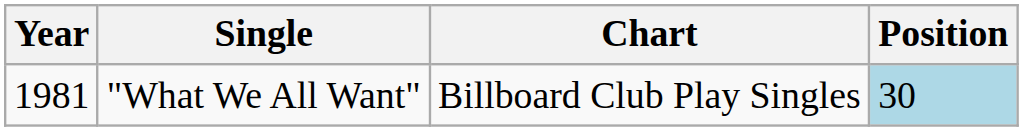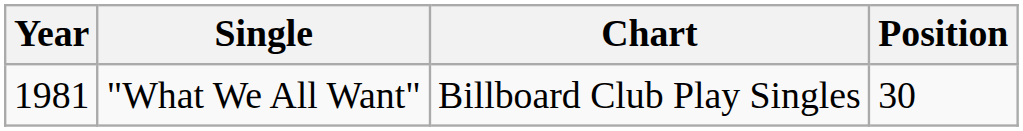 <table class="wikitable">
 <tr>
 <th align="left">Year</th>
 <th align="left">Single</th>
 <th align="left">Chart</th>
 <th align="left">Position</th>
 </tr>
 <tr>
 <td align="left">1981</td>
 <td align="left">"What We All Want"</td>
 <td align="left">Billboard Club Play Singles</td>
-<td align="left" style="background: lightblue;">30</td>
+<td align="left">30</td>
 </tr>
 </table>
